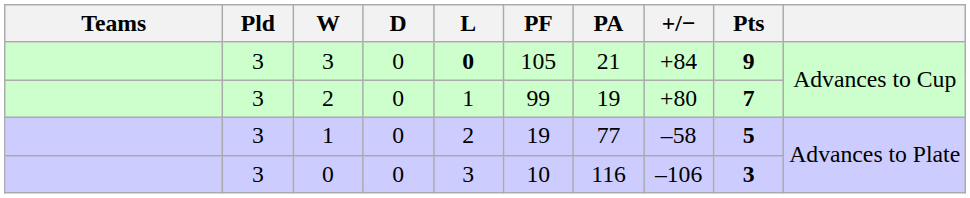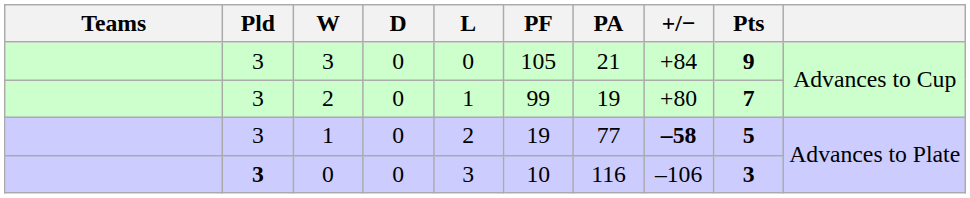 <table class="wikitable" style="text-align: center;">
 <tr>
 <th width="140">Teams</th>
 <th width="40">Pld</th>
 <th width="40">W</th>
 <th width="40">D</th>
 <th width="40">L</th>
 <th width="40">PF</th>
 <th width="40">PA</th>
 <th width="40">+/−</th>
 <th width="40">Pts</th>
 <th></th>
 </tr>
 <tr bgcolor="ccffcc">
 <td align="left"></td>
 <td>3</td>
 <td>3</td>
 <td>0</td>
-<td><strong>0</strong></td>
+<td>0</td>
 <td>105</td>
 <td>21</td>
 <td>+84</td>
 <td><strong>9</strong></td>
 <td rowspan="2">Advances to Cup</td>
 </tr>
 <tr bgcolor="ccffcc">
 <td align="left"></td>
 <td>3</td>
 <td>2</td>
 <td>0</td>
 <td>1</td>
 <td>99</td>
 <td>19</td>
 <td>+80</td>
 <td><strong>7</strong></td>
 </tr>
 <tr bgcolor="ccccff">
 <td align="left"></td>
 <td>3</td>
 <td>1</td>
 <td>0</td>
 <td>2</td>
 <td>19</td>
 <td>77</td>
-<td>–58</td>
+<td><strong>–58</strong></td>
 <td><strong>5</strong></td>
 <td rowspan="2">Advances to Plate</td>
 </tr>
 <tr bgcolor="ccccff">
 <td align="left"></td>
-<td>3</td>
+<td><strong>3</strong></td>
 <td>0</td>
 <td>0</td>
 <td>3</td>
 <td>10</td>
 <td>116</td>
 <td>–106</td>
 <td><strong>3</strong></td>
 </tr>
 </table>
